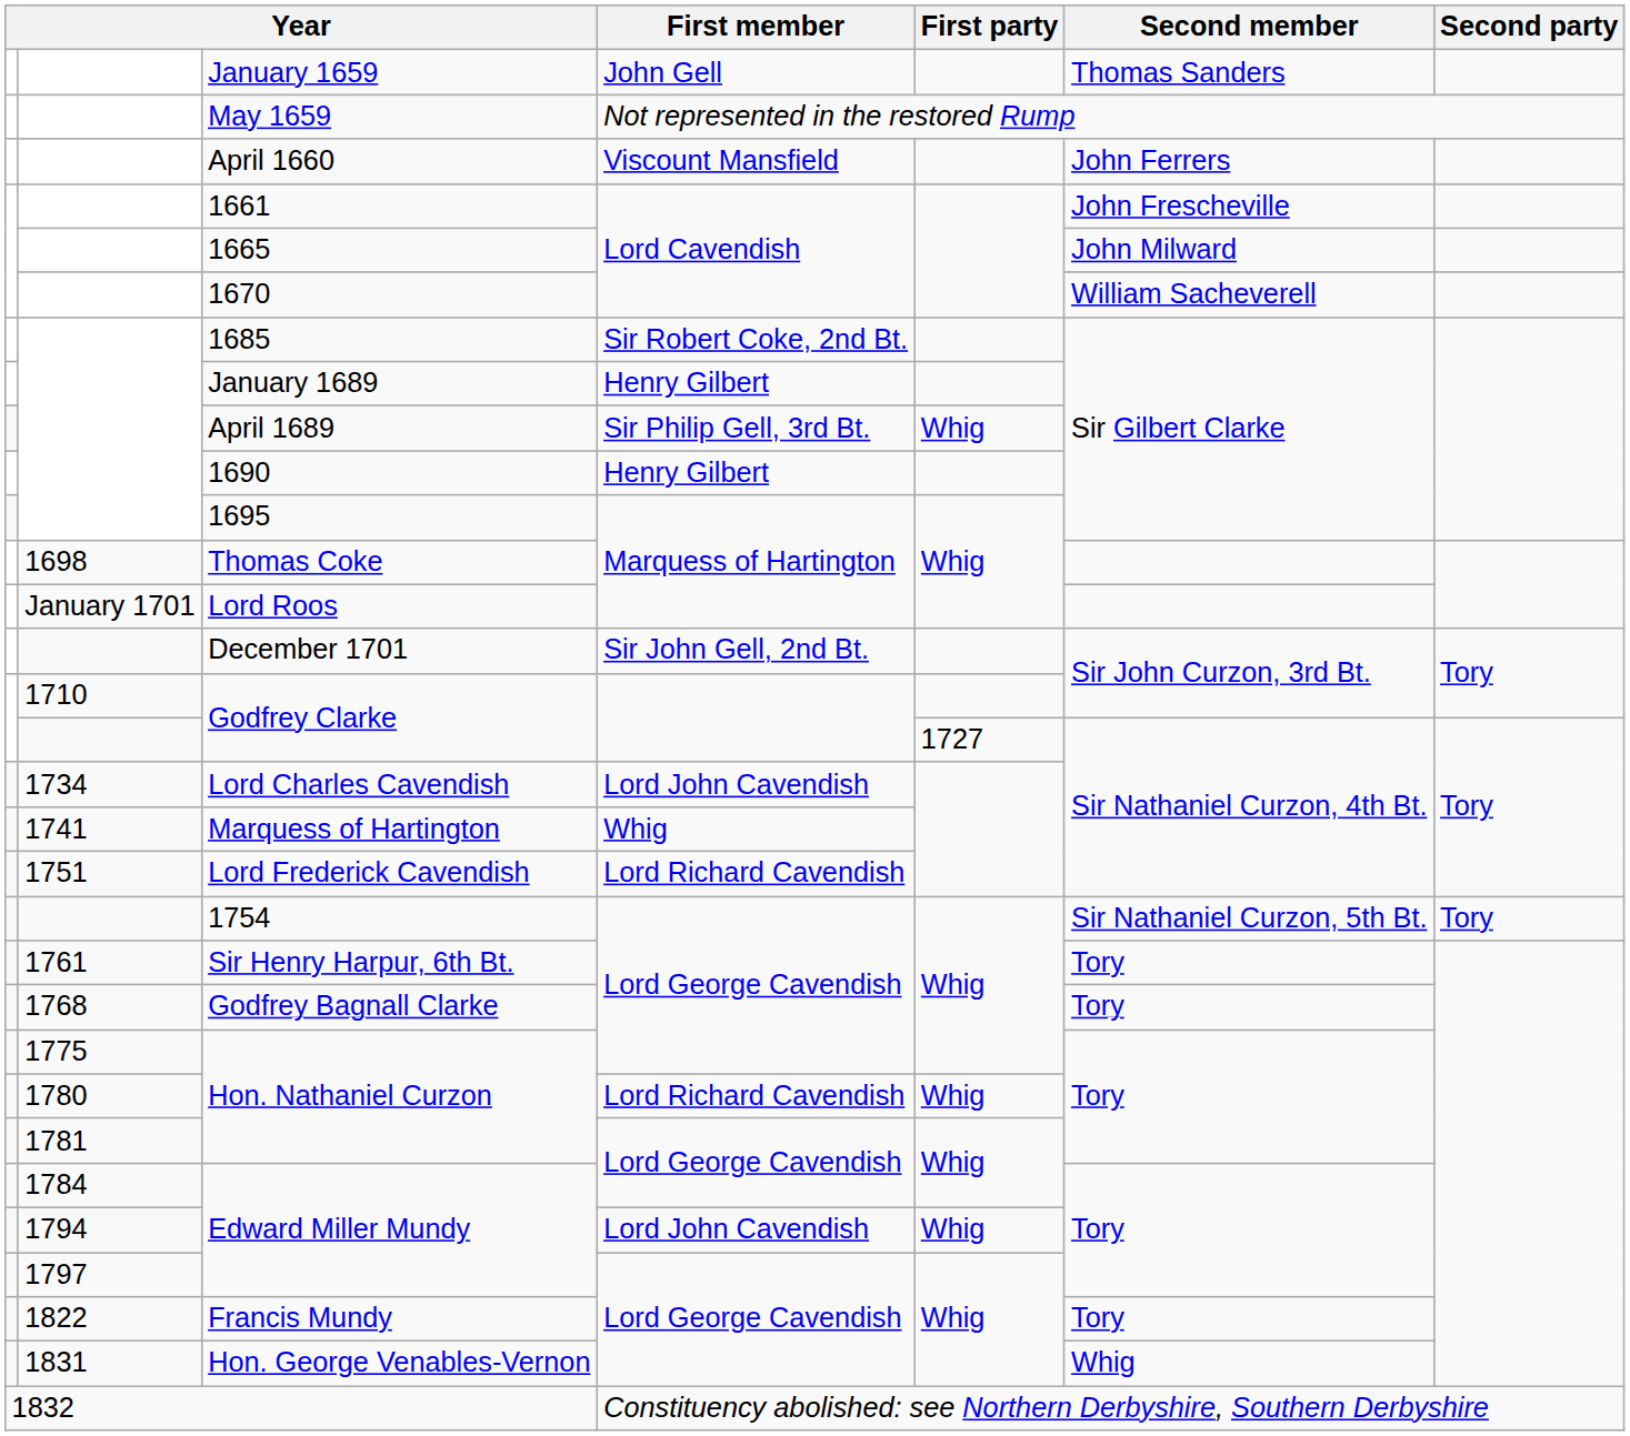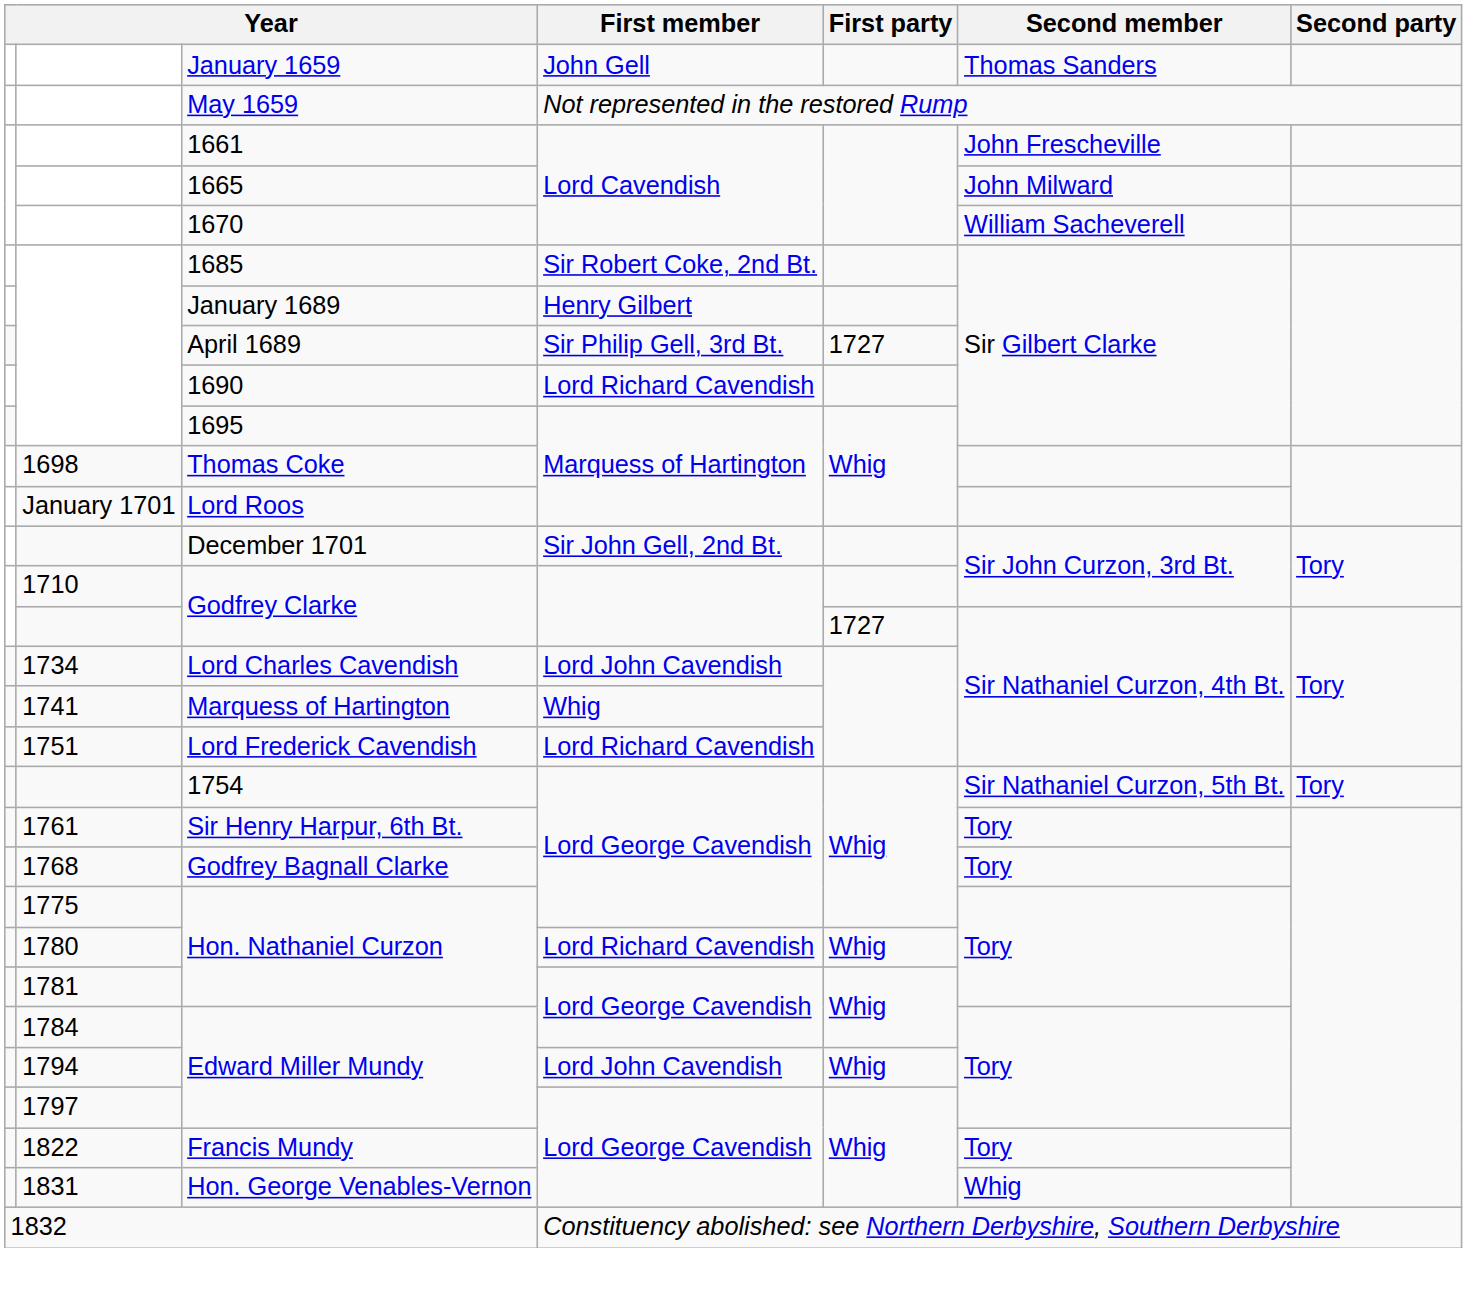 <table class="wikitable">
 <tr>
 <th colspan="3">Year</th>
 <th>First member</th>
 <th>First party</th>
 <th>Second member</th>
 <th>Second party</th>
 </tr>
 <tr>
 <td style="color:inherit;background-color: white"></td>
 <td style="color:inherit;background-color: white"></td>
 <td><a href='#'>January 1659</a></td>
 <td><a href='#'>John Gell</a></td>
 <td></td>
 <td><a href='#'>Thomas Sanders</a></td>
 <td></td>
 </tr>
 <tr>
 <td style="color:inherit;background-color: white"></td>
 <td style="color:inherit;background-color: white"></td>
 <td><a href='#'>May 1659</a></td>
 <td colspan="4"><em>Not represented in the restored <a href='#'>Rump</a></em></td>
-</tr>
-<tr>
-<td style="color:inherit;background-color: white"></td>
-<td style="color:inherit;background-color: white"></td>
-<td>April 1660</td>
-<td><a href='#'>Viscount Mansfield</a></td>
-<td></td>
-<td><a href='#'>John Ferrers</a></td>
-<td></td>
 </tr>
 <tr>
 <td style="color:inherit;background-color: white" rowspan="3"></td>
 <td style="color:inherit;background-color: white"></td>
 <td>1661</td>
 <td rowspan="3"><a href='#'>Lord Cavendish</a></td>
 <td rowspan="3"></td>
 <td><a href='#'>John Frescheville</a></td>
 <td></td>
 </tr>
 <tr>
 <td style="color:inherit;background-color: white"></td>
 <td>1665</td>
 <td><a href='#'>John Milward</a></td>
 <td></td>
 </tr>
 <tr>
 <td style="color:inherit;background-color: white"></td>
 <td>1670</td>
 <td><a href='#'>William Sacheverell</a></td>
 <td></td>
 </tr>
 <tr>
 <td style="color:inherit;background-color: white"></td>
 <td style="color:inherit;background-color: white" rowspan="5"></td>
 <td>1685</td>
 <td><a href='#'>Sir Robert Coke, 2nd Bt.</a></td>
 <td></td>
 <td rowspan="5">Sir <a href='#'>Gilbert Clarke</a></td>
 <td rowspan="5"></td>
 </tr>
 <tr>
 <td style="color:inherit;background-color: white"></td>
 <td>January 1689</td>
 <td><a href='#'>Henry Gilbert</a></td>
 <td></td>
 </tr>
 <tr>
 <td style="color:inherit;background-color: "></td>
 <td>April 1689</td>
 <td><a href='#'>Sir Philip Gell, 3rd Bt.</a></td>
-<td><a href='#'>Whig</a></td>
+<td>1727</td>
 </tr>
 <tr>
 <td style="color:inherit;background-color: white"></td>
 <td>1690</td>
-<td><a href='#'>Henry Gilbert</a></td>
+<td><a href='#'>Lord Richard Cavendish</a></td>
 <td></td>
 </tr>
 <tr>
 <td style="color:inherit;background-color: "></td>
 <td>1695</td>
 <td rowspan="3"><a href='#'>Marquess of Hartington</a></td>
 <td rowspan="3"><a href='#'>Whig</a></td>
 </tr>
 <tr>
 <td style="color:inherit;background-color: white"></td>
 <td>1698</td>
 <td><a href='#'>Thomas Coke</a></td>
 <td></td>
 </tr>
 <tr>
 <td style="color:inherit;background-color: white"></td>
 <td>January 1701</td>
 <td><a href='#'>Lord Roos</a></td>
 <td></td>
 </tr>
 <tr>
 <td style="color:inherit;background-color: white"></td>
 <td style="color:inherit;background-color: "></td>
 <td>December 1701</td>
 <td><a href='#'>Sir John Gell, 2nd Bt.</a></td>
 <td></td>
 <td rowspan="2"><a href='#'>Sir John Curzon, 3rd Bt.</a></td>
 <td rowspan="2"><a href='#'>Tory</a></td>
 </tr>
 <tr>
 <td style="color:inherit;background-color: white" rowspan="2"></td>
 <td>1710</td>
 <td rowspan="2"><a href='#'>Godfrey Clarke</a></td>
 <td rowspan="2"></td>
 </tr>
 <tr>
 <td style="color:inherit;background-color: "></td>
 <td>1727</td>
 <td rowspan="4"><a href='#'>Sir Nathaniel Curzon, 4th Bt.</a></td>
 <td rowspan="4"><a href='#'>Tory</a></td>
 </tr>
 <tr>
 <td style="color:inherit;background-color: "></td>
 <td>1734</td>
 <td><a href='#'>Lord Charles Cavendish</a></td>
 <td><a href='#'>Lord John Cavendish</a></td>
 </tr>
 <tr>
 <td style="color:inherit;background-color: "></td>
 <td>1741</td>
 <td><a href='#'>Marquess of Hartington</a></td>
 <td><a href='#'>Whig</a></td>
 </tr>
 <tr>
 <td style="color:inherit;background-color: "></td>
 <td>1751</td>
 <td><a href='#'>Lord Frederick Cavendish</a></td>
 <td><a href='#'>Lord Richard Cavendish</a></td>
 </tr>
 <tr>
 <td style="color:inherit;background-color: "></td>
 <td style="color:inherit;background-color: "></td>
 <td>1754</td>
 <td rowspan="4"><a href='#'>Lord George Cavendish</a></td>
 <td rowspan="4"><a href='#'>Whig</a></td>
 <td><a href='#'>Sir Nathaniel Curzon, 5th Bt.</a></td>
 <td><a href='#'>Tory</a></td>
 </tr>
 <tr>
 <td style="color:inherit;background-color: "></td>
 <td>1761</td>
 <td><a href='#'>Sir Henry Harpur, 6th Bt.</a></td>
 <td><a href='#'>Tory</a></td>
 </tr>
 <tr>
 <td style="color:inherit;background-color: "></td>
 <td>1768</td>
 <td><a href='#'>Godfrey Bagnall Clarke</a></td>
 <td><a href='#'>Tory</a></td>
 </tr>
 <tr>
 <td style="color:inherit;background-color: "></td>
 <td>1775</td>
 <td rowspan="3"><a href='#'>Hon. Nathaniel Curzon</a></td>
 <td rowspan="3"><a href='#'>Tory</a></td>
 </tr>
 <tr>
 <td style="color:inherit;background-color: "></td>
 <td>1780</td>
 <td><a href='#'>Lord Richard Cavendish</a></td>
 <td><a href='#'>Whig</a></td>
 </tr>
 <tr>
 <td style="color:inherit;background-color: "></td>
 <td>1781</td>
 <td rowspan="2"><a href='#'>Lord George Cavendish</a></td>
 <td rowspan="2"><a href='#'>Whig</a></td>
 </tr>
 <tr>
 <td style="color:inherit;background-color: "></td>
 <td>1784</td>
 <td rowspan="3"><a href='#'>Edward Miller Mundy</a></td>
 <td rowspan="3"><a href='#'>Tory</a></td>
 </tr>
 <tr>
 <td style="color:inherit;background-color: "></td>
 <td>1794</td>
 <td><a href='#'>Lord John Cavendish</a></td>
 <td><a href='#'>Whig</a></td>
 </tr>
 <tr>
 <td style="color:inherit;background-color: "></td>
 <td>1797</td>
 <td rowspan="3"><a href='#'>Lord George Cavendish</a></td>
 <td rowspan="3"><a href='#'>Whig</a></td>
 </tr>
 <tr>
 <td style="color:inherit;background-color: "></td>
 <td>1822</td>
 <td><a href='#'>Francis Mundy</a></td>
 <td><a href='#'>Tory</a></td>
 </tr>
 <tr>
 <td style="color:inherit;background-color: "></td>
 <td>1831</td>
 <td><a href='#'>Hon. George Venables-Vernon</a></td>
 <td><a href='#'>Whig</a></td>
 </tr>
 <tr>
 <td colspan="3">1832</td>
 <td colspan="4"><em>Constituency abolished: see <a href='#'>Northern Derbyshire</a>, <a href='#'>Southern Derbyshire</a></em></td>
 </tr>
 </table>
